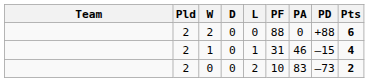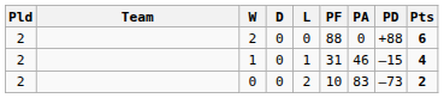 <table class="wikitable" style="text-align:center;">
 <tr>
+<th width=20 abbr="Played">Pld</th>
 <th width=190>Team</th>
-<th width=20 abbr="Played">Pld</th>
 <th width=20 abbr="Won">W</th>
 <th width=20 abbr="Drawn">D</th>
 <th width=20 abbr="Lost">L</th>
 <th width=20 abbr="Points for">PF</th>
 <th width=20 abbr="Points against">PA</th>
 <th width=25 abbr="Points difference">PD</th>
 <th width=20 abbr="Points">Pts</th>
 </tr>
 <tr>
+<td>2</td>
 <td align=left></td>
-<td>2</td>
 <td>2</td>
 <td>0</td>
 <td>0</td>
 <td>88</td>
 <td>0</td>
 <td>+88</td>
 <td><strong>6</strong></td>
 </tr>
 <tr>
+<td>2</td>
 <td align=left></td>
-<td>2</td>
 <td>1</td>
 <td>0</td>
 <td>1</td>
 <td>31</td>
 <td>46</td>
 <td>–15</td>
 <td><strong>4</strong></td>
 </tr>
 <tr>
+<td>2</td>
 <td align=left></td>
-<td>2</td>
 <td>0</td>
 <td>0</td>
 <td>2</td>
 <td>10</td>
 <td>83</td>
 <td>–73</td>
 <td><strong>2</strong></td>
 </tr>
 </table>
